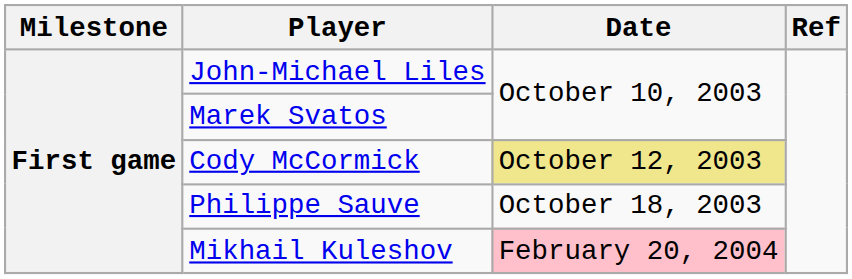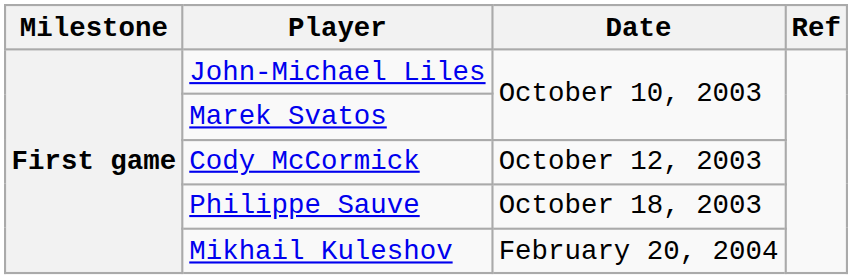 <table class="wikitable">
 <tr>
 <th scope="col">Milestone</th>
 <th scope="col">Player</th>
 <th scope="col">Date</th>
 <th scope="col">Ref</th>
 </tr>
 <tr>
 <th rowspan=5>First game</th>
 <td><a href='#'>John-Michael Liles</a></td>
 <td rowspan=2>October 10, 2003</td>
 <td rowspan=5></td>
 </tr>
 <tr>
 <td><a href='#'>Marek Svatos</a></td>
 </tr>
 <tr>
 <td><a href='#'>Cody McCormick</a></td>
-<td style="background: khaki;">October 12, 2003</td>
+<td>October 12, 2003</td>
 </tr>
 <tr>
 <td><a href='#'>Philippe Sauve</a></td>
 <td>October 18, 2003</td>
 </tr>
 <tr>
 <td><a href='#'>Mikhail Kuleshov</a></td>
-<td style="background: pink;">February 20, 2004</td>
+<td>February 20, 2004</td>
 </tr>
 </table>
